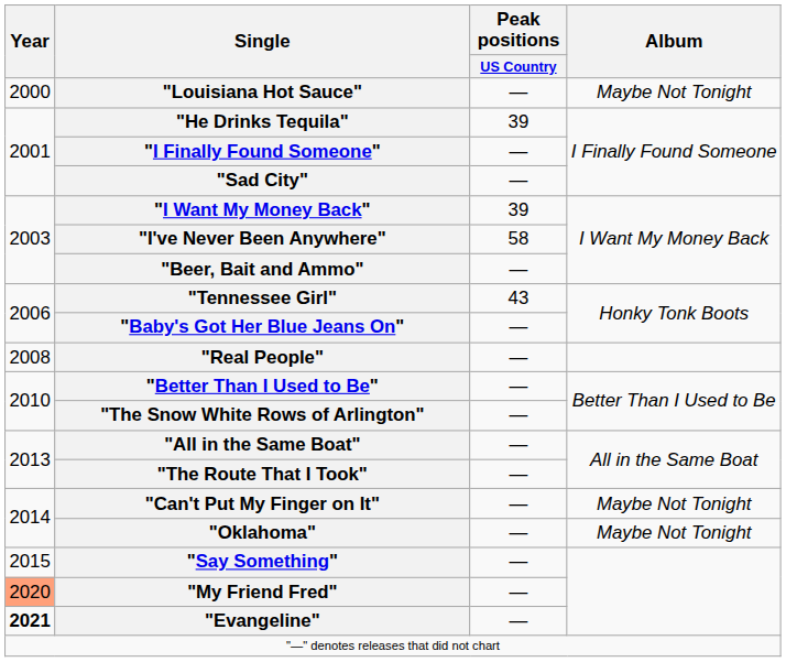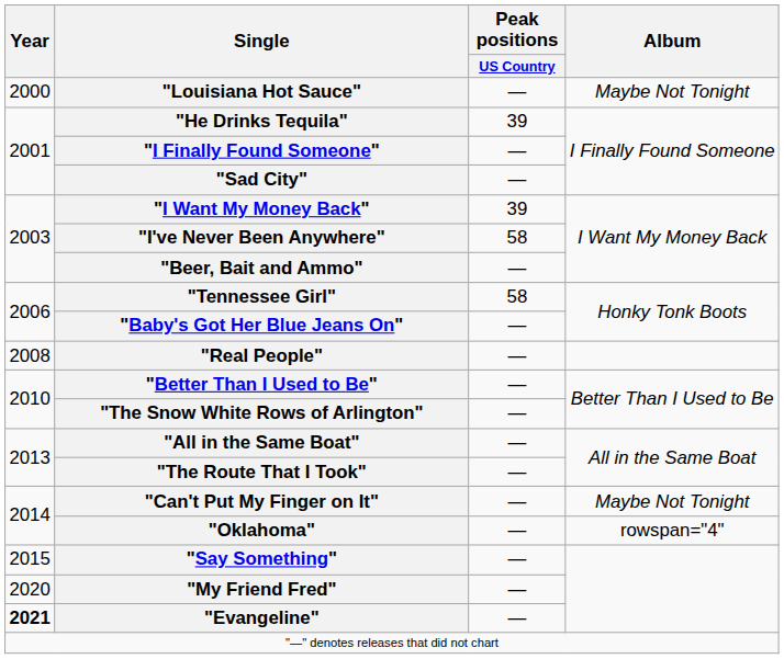 <table class="wikitable plainrowheaders" style="text-align:center;">
 <tr>
 <th scope="col" rowspan="2">Year</th>
 <th scope="col" rowspan="2" style="width:22em;">Single</th>
 <th scope="col">Peak<br>positions</th>
 <th scope="col" rowspan="2">Album</th>
 </tr>
 <tr>
 <th scope="col" style="width:6.5em;font-size:75%;"><a href='#'>US Country</a><br></th>
 </tr>
 <tr>
 <td>2000</td>
 <th scope="row">"Louisiana Hot Sauce"</th>
 <td>—</td>
 <td><em>Maybe Not Tonight</em></td>
 </tr>
 <tr>
 <td rowspan="3">2001</td>
 <th scope="row">"He Drinks Tequila"<br></th>
 <td>39</td>
 <td rowspan="3"><em>I Finally Found Someone</em></td>
 </tr>
 <tr>
 <th scope="row">"<a href='#'>I Finally Found Someone</a>"<br></th>
 <td>—</td>
 </tr>
 <tr>
 <th scope="row">"Sad City"</th>
 <td>—</td>
 </tr>
 <tr>
 <td rowspan="3">2003</td>
 <th scope="row">"<a href='#'>I Want My Money Back</a>"</th>
 <td>39</td>
 <td rowspan="3"><em>I Want My Money Back</em></td>
 </tr>
 <tr>
 <th scope="row">"I've Never Been Anywhere"</th>
 <td>58</td>
 </tr>
 <tr>
 <th scope="row">"Beer, Bait and Ammo"</th>
 <td>—</td>
 </tr>
 <tr>
 <td rowspan="2">2006</td>
 <th scope="row">"Tennessee Girl"</th>
-<td>43</td>
+<td>58</td>
 <td rowspan="2"><em>Honky Tonk Boots</em></td>
 </tr>
 <tr>
 <th scope="row">"<a href='#'>Baby's Got Her Blue Jeans On</a>"</th>
 <td>—</td>
 </tr>
 <tr>
 <td>2008</td>
 <th scope="row">"Real People"</th>
 <td>—</td>
 <td></td>
 </tr>
 <tr>
 <td rowspan="2">2010</td>
 <th scope="row">"<a href='#'>Better Than I Used to Be</a>"</th>
 <td>—</td>
 <td rowspan="2"><em>Better Than I Used to Be</em></td>
 </tr>
 <tr>
 <th scope="row">"The Snow White Rows of Arlington"</th>
 <td>—</td>
 </tr>
 <tr>
 <td rowspan="2">2013</td>
 <th scope="row">"All in the Same Boat"<br></th>
 <td>—</td>
 <td rowspan="2"><em>All in the Same Boat</em></td>
 </tr>
 <tr>
 <th scope="row">"The Route That I Took"</th>
 <td>—</td>
 </tr>
 <tr>
 <td rowspan="2">2014</td>
 <th scope="row">"Can't Put My Finger on It"</th>
 <td>—</td>
 <td><em>Maybe Not Tonight</em></td>
 </tr>
 <tr>
 <th scope="row">"Oklahoma"</th>
 <td>—</td>
-<td><em>Maybe Not Tonight</em></td>
+<td>rowspan="4" </td>
 </tr>
 <tr>
 <td>2015</td>
 <th scope="row">"<a href='#'>Say Something</a>"</th>
 <td>—</td>
 </tr>
 <tr>
-<td style="background: lightsalmon;">2020</td>
+<td>2020</td>
 <th scope="row">"My Friend Fred"</th>
 <td>—</td>
 </tr>
 <tr>
 <td><strong>2021</strong></td>
 <th scope="row">"Evangeline"</th>
 <td>—</td>
 </tr>
 <tr>
 <td colspan="4" style="font-size:8pt">"—" denotes releases that did not chart</td>
 </tr>
 </table>
